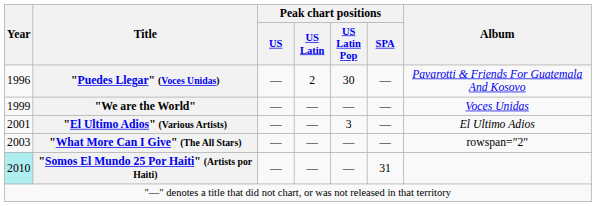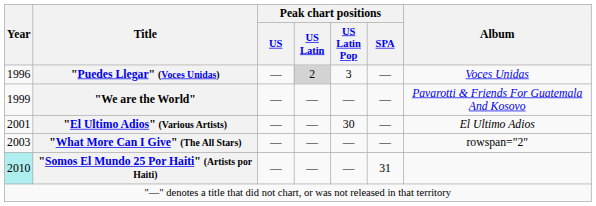 <table class="wikitable plainrowheaders" style="text-align:center">
 <tr>
 <th scope="col" rowspan="2" width="30">Year</th>
 <th scope="col" rowspan="2" width="300">Title</th>
 <th scope="col" colspan="4">Peak chart positions</th>
 <th scope="col" rowspan="2" width="250">Album</th>
 </tr>
 <tr>
 <th scope="col" style="width:3em;font-size:90%;" !width="25"><a href='#'>US</a><br></th>
 <th scope="col" style="width:3em;font-size:90%;" !width="25"><a href='#'>US Latin</a><br></th>
 <th scope="col" style="width:3em;font-size:90%;" !width="25"><a href='#'>US Latin Pop</a><br></th>
 <th scope="col" style="width:3em;font-size:90%;" !width="25"><a href='#'>SPA</a><br></th>
 </tr>
 <tr>
 <td>1996</td>
 <th scope="row">"<a href='#'>Puedes Llegar</a>" <small>(<a href='#'>Voces Unidas</a>)</small></th>
 <td>—</td>
-<td>2</td>
-<td>30</td>
+<td style="background: lightgrey;">2</td>
+<td>3</td>
 <td>—</td>
-<td><em><a href='#'>Pavarotti & Friends For Guatemala And Kosovo</a></em></td>
+<td><em><a href='#'>Voces Unidas</a></em></td>
 </tr>
 <tr>
 <td>1999</td>
 <th scope="row">"We are the World"</th>
 <td>—</td>
 <td>—</td>
 <td>—</td>
 <td>—</td>
-<td><em><a href='#'>Voces Unidas</a></em></td>
+<td><em><a href='#'>Pavarotti & Friends For Guatemala And Kosovo</a></em></td>
 </tr>
 <tr>
 <td>2001</td>
 <th scope="row">"<a href='#'>El Ultimo Adios</a>" <small>(Various Artists)</small></th>
 <td>—</td>
 <td>—</td>
-<td>3</td>
+<td>30</td>
 <td>—</td>
 <td><em>El Ultimo Adios</em></td>
 </tr>
 <tr>
 <td>2003</td>
 <th scope="row">"<a href='#'>What More Can I Give</a>" <small>(The All Stars)</small></th>
 <td>—</td>
 <td>—</td>
 <td>—</td>
 <td>—</td>
 <td>rowspan="2" </td>
 </tr>
 <tr>
 <td style="background: paleturquoise;">2010</td>
 <th scope="row">"<a href='#'>Somos El Mundo 25 Por Haiti</a>" <small>(Artists por Haiti)</small></th>
 <td>—</td>
 <td>—</td>
 <td>—</td>
 <td>31</td>
 </tr>
 <tr>
 <td colspan="8" style="font-size:90%">"—" denotes a title that did not chart, or was not released in that territory</td>
 </tr>
 </table>
